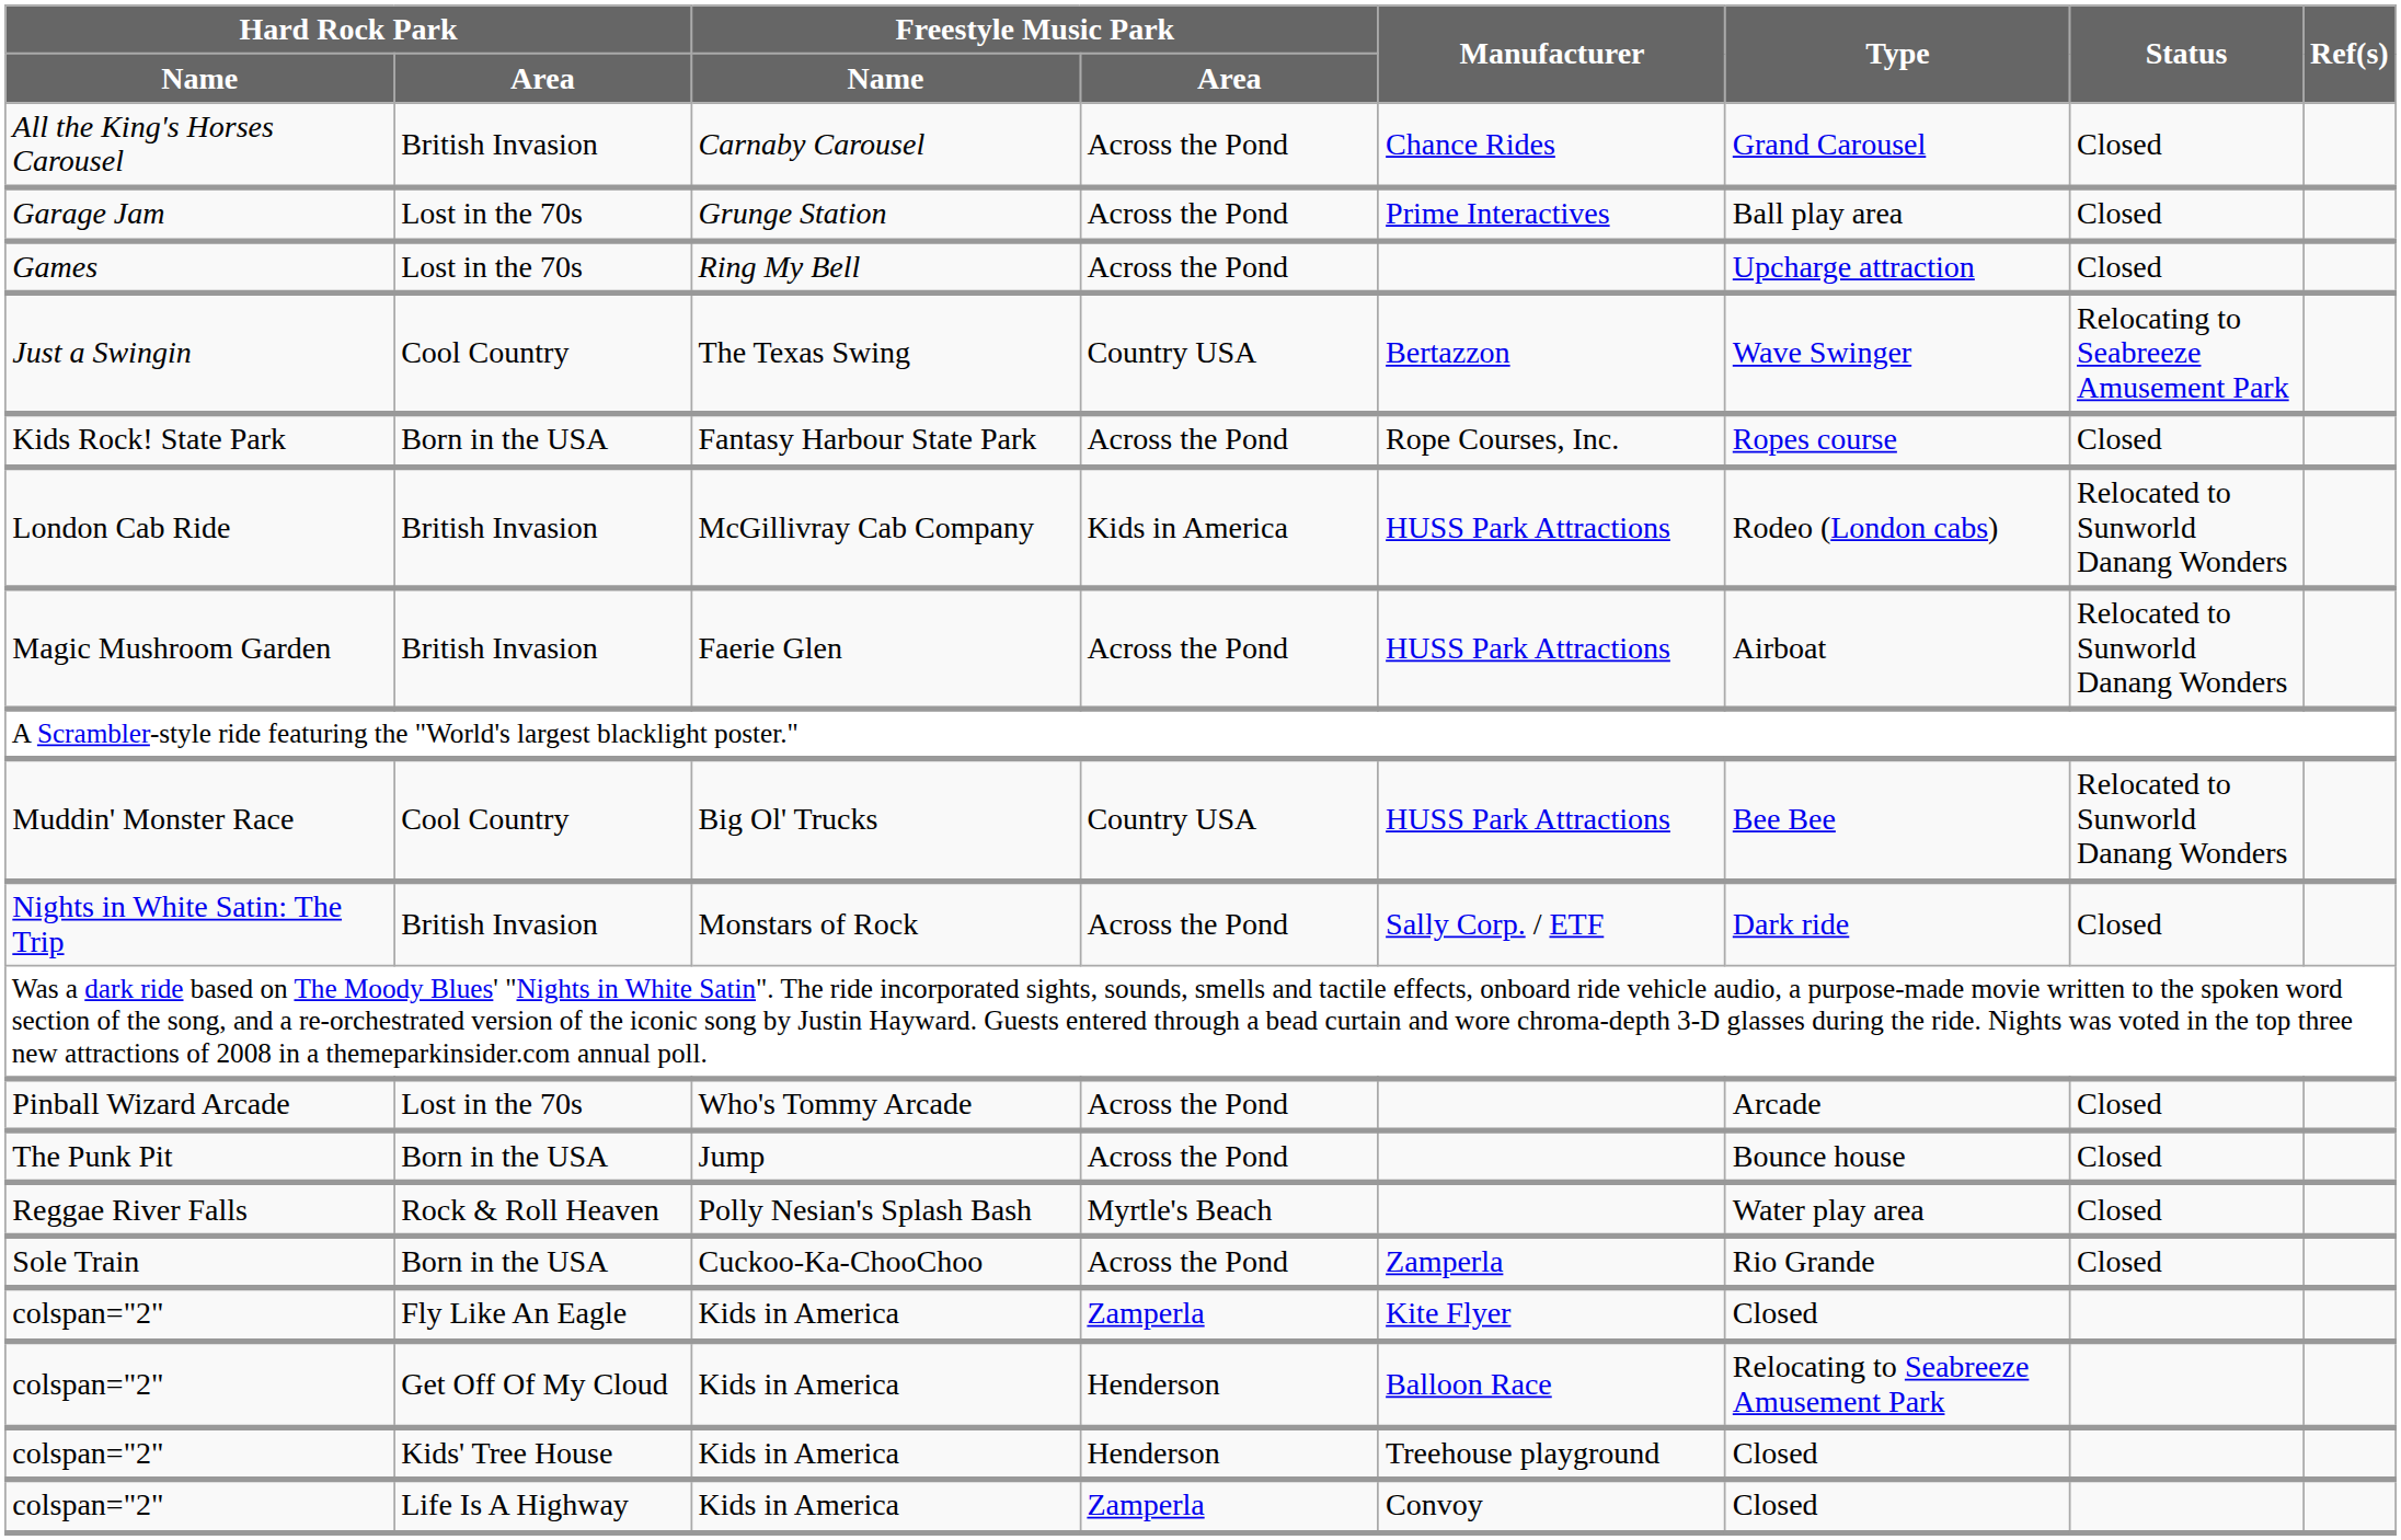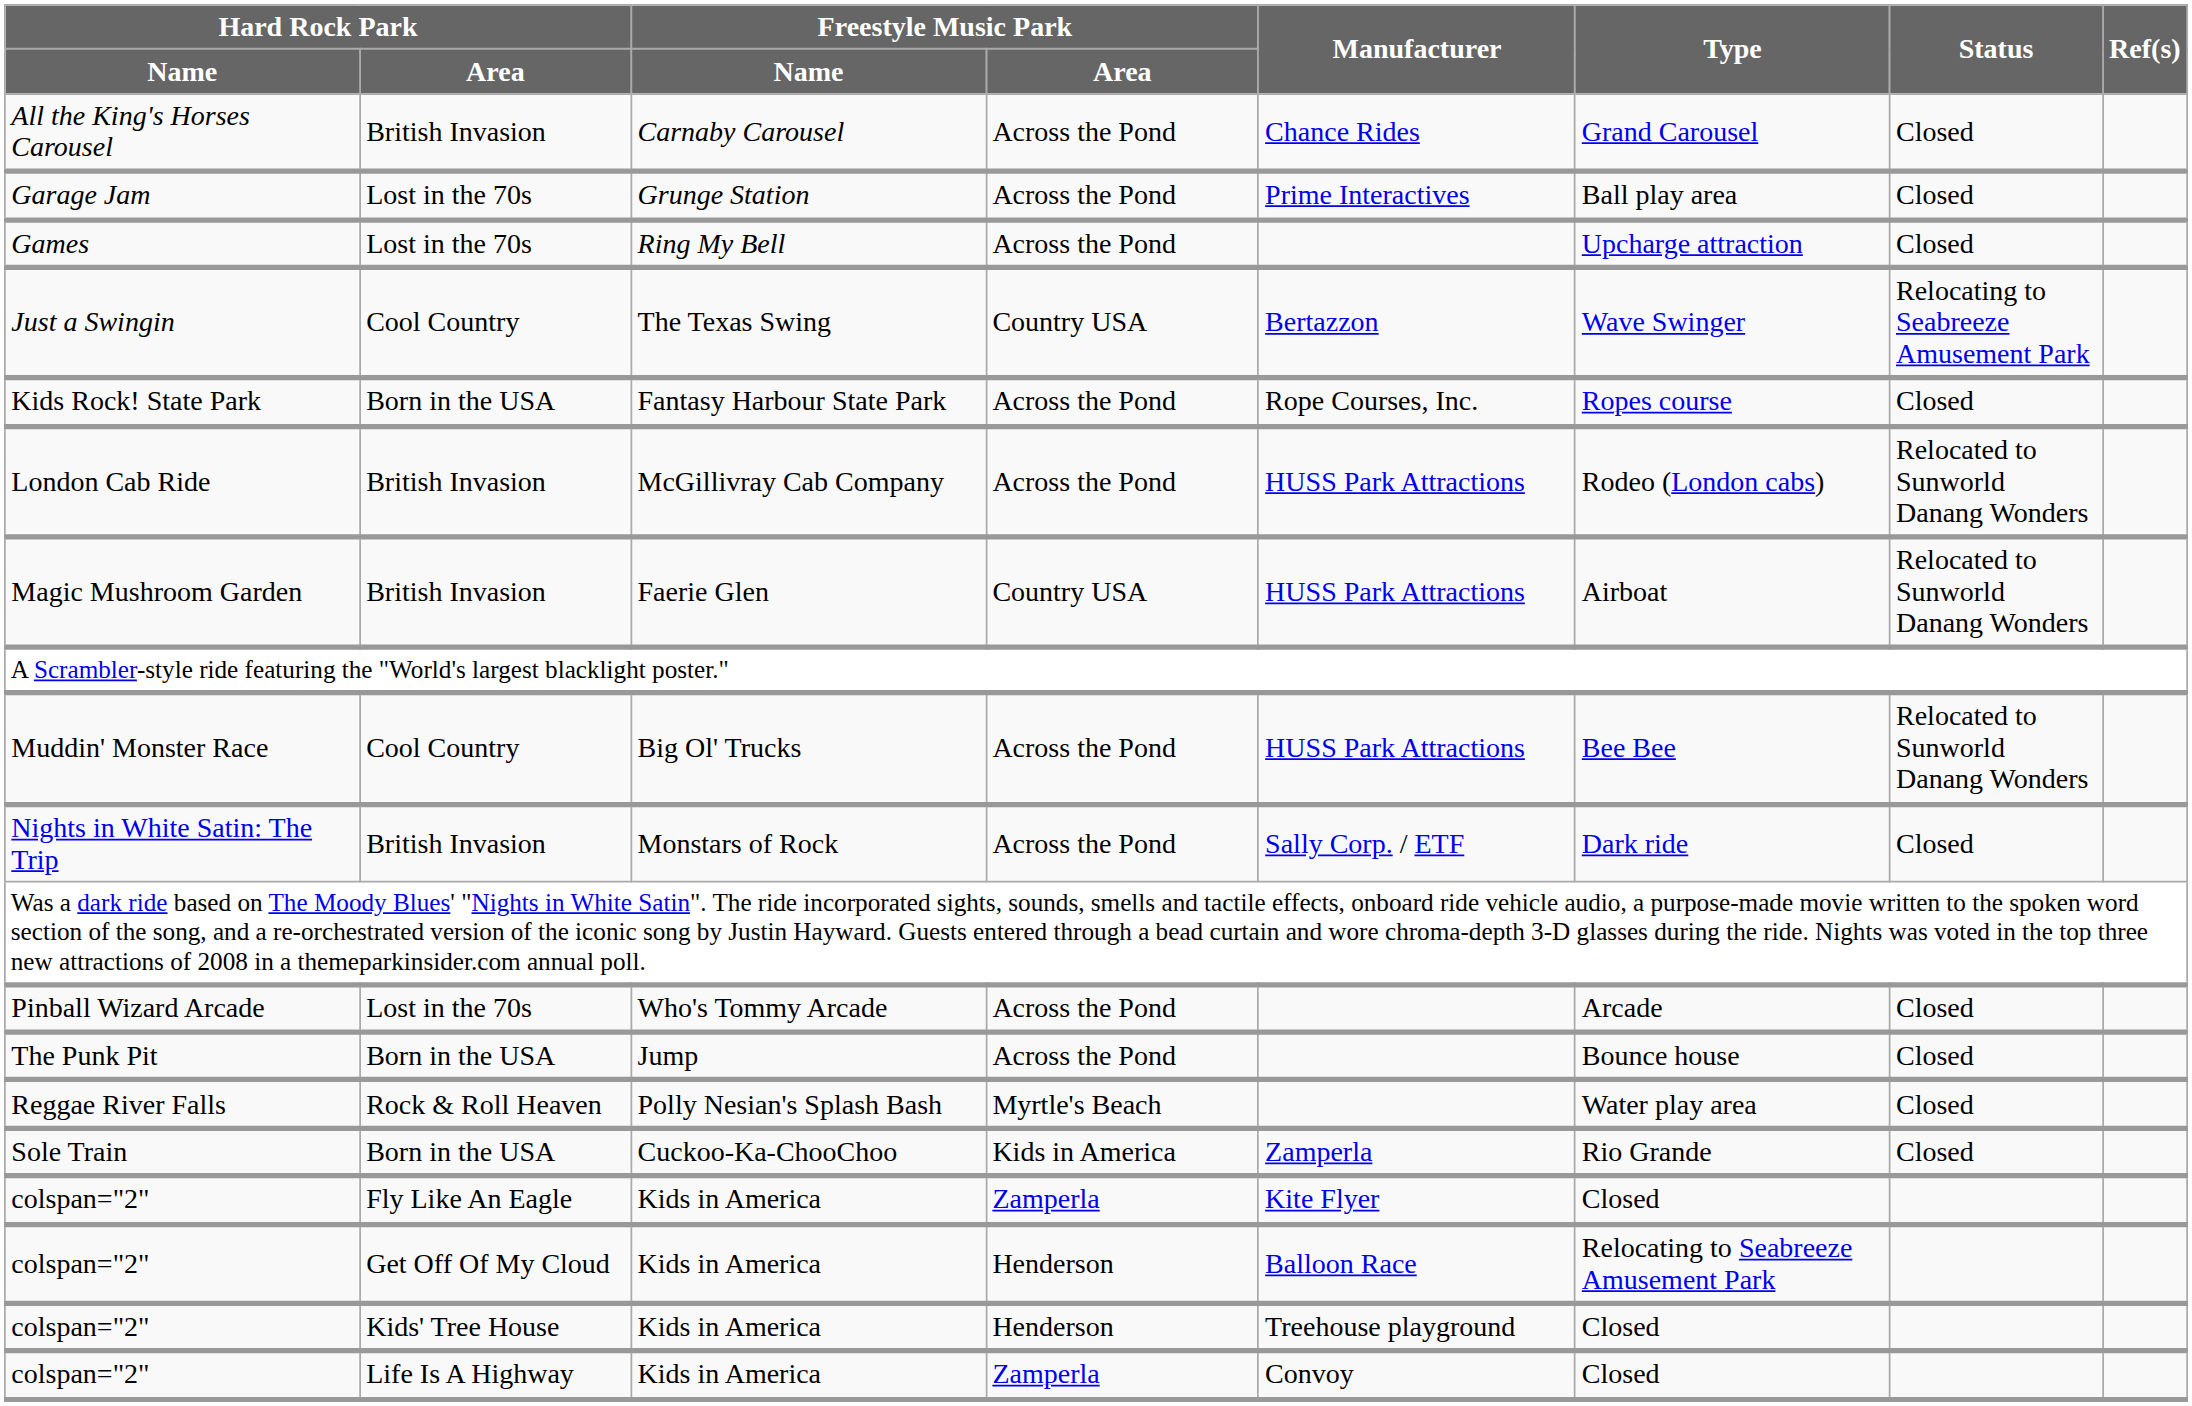 <table class="wikitable plainrowheaders">
 <tr>
 <th scope="col" style="width:30%;background-color:#666;color:#FFF;" colspan="2">Hard Rock Park</th>
 <th scope="col" colspan="2" style="width:30%;background-color:#666;color:#FFF;">Freestyle Music Park</th>
 <th rowspan="2" scope="col" style="width:15%;background-color:#666;color:#FFF;">Manufacturer</th>
 <th rowspan="2" scope="col" style="width:15%;background-color:#666;color:#FFF;">Type</th>
 <th rowspan="2" scope="col" style="background-color:#666;color:#FFF;width:10%">Status</th>
 <th rowspan="2" scope="col" class="unsortable" style="background-color:#666;color:#FFF;width:5%">Ref(s)</th>
 </tr>
 <tr>
 <th scope="col" style="width:17%;background-color:#666;color:#FFF;">Name</th>
 <th scope="col" style="width:13%;background-color:#666;color:#FFF;">Area</th>
 <th scope="col" style="width:17%;background-color:#666;color:#FFF;">Name</th>
 <th scope="col" style="width:13%;background-color:#666;color:#FFF;">Area</th>
 </tr>
 <tr style="border-bottom:3px solid #999;">
 <td><em>All the King's Horses Carousel</em></td>
 <td>British Invasion</td>
 <td><em>Carnaby Carousel</em></td>
 <td>Across the Pond</td>
 <td><a href='#'>Chance Rides</a></td>
 <td><a href='#'>Grand Carousel</a></td>
 <td>Closed</td>
 <td></td>
 </tr>
 <tr style="border-bottom:3px solid #999;">
 <td><em>Garage Jam</em></td>
 <td>Lost in the 70s</td>
 <td><em>Grunge Station</em></td>
 <td>Across the Pond</td>
 <td><a href='#'>Prime Interactives</a></td>
 <td>Ball play area</td>
 <td>Closed</td>
 <td></td>
 </tr>
 <tr style="border-bottom:3px solid #999;">
 <td><em>Games</em></td>
 <td>Lost in the 70s</td>
 <td><em>Ring My Bell</em></td>
 <td>Across the Pond</td>
 <td></td>
 <td><a href='#'>Upcharge attraction</a></td>
 <td>Closed</td>
 <td></td>
 </tr>
 <tr style="border-bottom:3px solid #999;">
 <td><em>Just a Swingin<strong></td>
 <td>Cool Country</td>
 <td></em>The Texas Swing<em></td>
 <td>Country USA</td>
 <td><a href='#'>Bertazzon</a></td>
 <td><a href='#'>Wave Swinger</a></td>
 <td>Relocating to <a href='#'>Seabreeze Amusement Park</a></td>
 <td></td>
 </tr>
 <tr style="border-bottom:3px solid #999;">
 <td></em>Kids Rock! State Park<em></td>
 <td>Born in the USA</td>
 <td></em>Fantasy Harbour State Park<em></td>
 <td>Across the Pond</td>
 <td>Rope Courses, Inc.</td>
 <td><a href='#'>Ropes course</a></td>
 <td>Closed</td>
 <td></td>
 </tr>
 <tr style="border-bottom:3px solid #999;">
 <td></em>London Cab Ride<em></td>
 <td>British Invasion</td>
 <td></em>McGillivray Cab Company<em></td>
-<td>Kids in America</td>
+<td>Across the Pond</td>
 <td><a href='#'>HUSS Park Attractions</a></td>
 <td>Rodeo (<a href='#'>London cabs</a>)</td>
 <td>Relocated to Sunworld Danang Wonders</td>
 <td></td>
 </tr>
 <tr style="border-bottom:3px solid #999;">
 <td></em>Magic Mushroom Garden<em></td>
 <td>British Invasion</td>
 <td></em>Faerie Glen<em></td>
-<td>Across the Pond</td>
+<td>Country USA</td>
 <td><a href='#'>HUSS Park Attractions</a></td>
 <td>Airboat</td>
 <td>Relocated to Sunworld Danang Wonders</td>
 <td></td>
 </tr>
 <tr>
 <td colspan="8" style="background-color:#FFF;border-bottom:3px solid #999;font-size:90%">A <a href='#'>Scrambler</a>-style ride featuring the "World's largest blacklight poster."</td>
 </tr>
 <tr style="border-bottom:3px solid #999;">
 <td></em>Muddin' Monster Race<em></td>
 <td>Cool Country</td>
 <td></em>Big Ol' Trucks<em></td>
-<td>Country USA</td>
+<td>Across the Pond</td>
 <td><a href='#'>HUSS Park Attractions</a></td>
 <td><a href='#'>Bee Bee</a></td>
 <td>Relocated to Sunworld Danang Wonders</td>
 <td></td>
 </tr>
 <tr>
 <td></em><a href='#'>Nights in White Satin: The Trip</a><em></td>
 <td>British Invasion</td>
 <td></em>Monstars of Rock<em></td>
 <td>Across the Pond</td>
 <td><a href='#'>Sally Corp.</a> / <a href='#'>ETF</a></td>
 <td><a href='#'>Dark ride</a></td>
 <td>Closed</td>
 <td></td>
 </tr>
 <tr>
 <td colspan="8" style="background-color:#FFF;border-bottom:3px solid #999;font-size:90%">Was a <a href='#'>dark ride</a> based on <a href='#'>The Moody Blues</a>' "<a href='#'>Nights in White Satin</a>". The ride incorporated sights, sounds, smells and tactile effects, onboard ride vehicle audio, a purpose-made movie written to the spoken word section of the song, and a re-orchestrated version of the iconic song by Justin Hayward.  Guests entered through a bead curtain and wore chroma-depth 3-D glasses during the ride. Nights was voted in the top three new attractions of 2008 in a themeparkinsider.com annual poll.</td>
 </tr>
 <tr style="border-bottom:3px solid #999;">
 <td></em>Pinball Wizard Arcade<em></td>
 <td>Lost in the 70s</td>
 <td></em>Who's Tommy Arcade<em></td>
 <td>Across the Pond</td>
 <td></td>
 <td>Arcade</td>
 <td>Closed</td>
 <td></td>
 </tr>
 <tr style="border-bottom:3px solid #999;">
 <td></em>The Punk Pit<em></td>
 <td>Born in the USA</td>
 <td></em>Jump<em></td>
 <td>Across the Pond</td>
 <td></td>
 <td>Bounce house</td>
 <td>Closed</td>
 <td></td>
 </tr>
 <tr style="border-bottom:3px solid #999;">
 <td></em>Reggae River Falls<em></td>
 <td>Rock & Roll Heaven</td>
 <td></em>Polly Nesian's Splash Bash<em></td>
 <td>Myrtle's Beach</td>
 <td></td>
 <td>Water play area</td>
 <td>Closed</td>
 <td></td>
 </tr>
 <tr style="border-bottom:3px solid #999;">
 <td></em>Sole Train<em></td>
 <td>Born in the USA</td>
 <td></em>Cuckoo-Ka-ChooChoo<em></td>
-<td>Across the Pond</td>
+<td>Kids in America</td>
 <td><a href='#'>Zamperla</a></td>
 <td>Rio Grande</td>
 <td>Closed</td>
 <td></td>
 </tr>
 <tr style="border-bottom:3px solid #999;">
 <td>colspan="2" </td>
 <td></em>Fly Like An Eagle<em></td>
 <td>Kids in America</td>
 <td><a href='#'>Zamperla</a></td>
 <td><a href='#'>Kite Flyer</a></td>
 <td>Closed</td>
 <td></td>
 </tr>
 <tr style="border-bottom:3px solid #999;">
 <td>colspan="2" </td>
 <td></em>Get Off Of My Cloud<em></td>
 <td>Kids in America</td>
 <td>Henderson</td>
 <td><a href='#'>Balloon Race</a></td>
 <td>Relocating to <a href='#'>Seabreeze Amusement Park</a></td>
 <td></td>
 </tr>
 <tr style="border-bottom:3px solid #999;">
 <td>colspan="2" </td>
 <td></em>Kids' Tree House<em></td>
 <td>Kids in America</td>
 <td>Henderson</td>
 <td>Treehouse playground</td>
 <td>Closed</td>
 <td></td>
 </tr>
 <tr style="border-bottom:3px solid #999;">
 <td>colspan="2" </td>
 <td></em>Life Is A Highway<em></td>
 <td>Kids in America</td>
 <td><a href='#'>Zamperla</a></td>
 <td>Convoy</td>
 <td>Closed</td>
 <td></td>
 </tr>
 </table>
